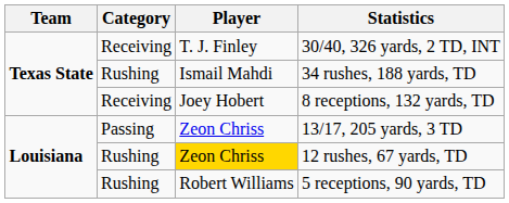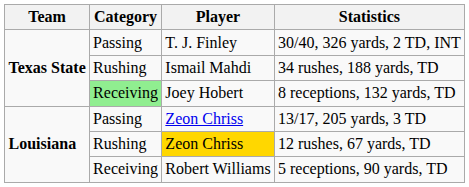 <table class="wikitable" style="float: right;">
 <tr>
 <th>Team</th>
 <th>Category</th>
 <th>Player</th>
 <th>Statistics</th>
 </tr>
 <tr>
 <td rowspan=3><strong>Texas State</strong></td>
-<td>Receiving</td>
+<td>Passing</td>
 <td>T. J. Finley</td>
 <td>30/40, 326 yards, 2 TD, INT</td>
 </tr>
 <tr>
 <td>Rushing</td>
 <td>Ismail Mahdi</td>
 <td>34 rushes, 188 yards, TD</td>
 </tr>
 <tr>
-<td>Receiving</td>
+<td style="background: lightgreen;">Receiving</td>
 <td>Joey Hobert</td>
 <td>8 receptions, 132 yards, TD</td>
 </tr>
 <tr>
 <td rowspan=3><strong>Louisiana</strong></td>
 <td>Passing</td>
 <td><a href='#'>Zeon Chriss</a></td>
 <td>13/17, 205 yards, 3 TD</td>
 </tr>
 <tr>
 <td>Rushing</td>
 <td style="background: gold;">Zeon Chriss</td>
 <td>12 rushes, 67 yards, TD</td>
 </tr>
 <tr>
-<td>Rushing</td>
+<td>Receiving</td>
 <td>Robert Williams</td>
 <td>5 receptions, 90 yards, TD</td>
 </tr>
 </table>
